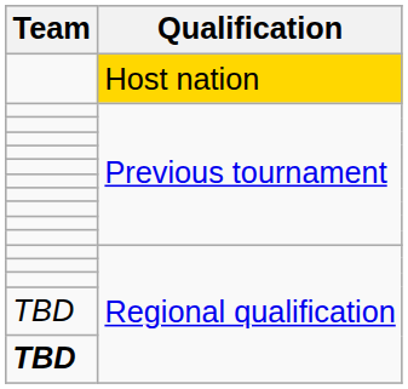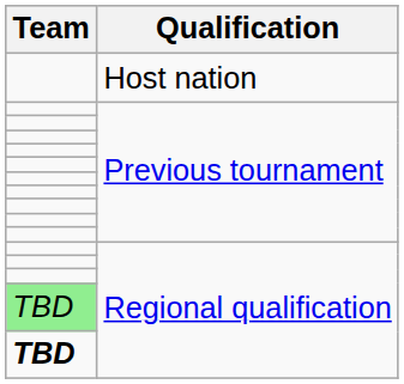 <table class="wikitable sortable">
 <tr>
 <th>Team</th>
 <th>Qualification</th>
 </tr>
 <tr>
 <td></td>
-<td style="background: gold;">Host nation</td>
+<td>Host nation</td>
 </tr>
 <tr>
 <td></td>
 <td rowspan="10"><a href='#'>Previous tournament</a></td>
 </tr>
 <tr>
 <td></td>
 </tr>
 <tr>
 <td></td>
 </tr>
 <tr>
 <td></td>
 </tr>
 <tr>
 <td></td>
 </tr>
 <tr>
 <td></td>
 </tr>
 <tr>
 <td></td>
 </tr>
 <tr>
 <td></td>
 </tr>
 <tr>
 <td></td>
 </tr>
 <tr>
 <td></td>
 </tr>
 <tr>
 <td></td>
 <td rowspan="5"><a href='#'>Regional qualification</a></td>
 </tr>
 <tr>
 <td></td>
 </tr>
 <tr>
 <td></td>
 </tr>
 <tr>
-<td> <em>TBD</em></td>
+<td style="background: lightgreen;"> <em>TBD</em></td>
 </tr>
 <tr>
 <td><strong> <em>TBD</em></strong></td>
 </tr>
 </table>
